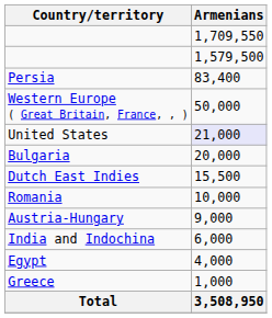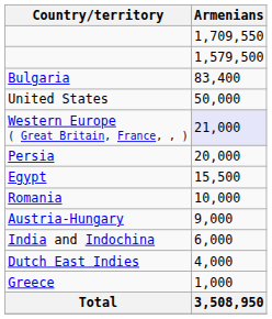 <table class="wikitable">
 <tr>
 <th>Country/territory</th>
 <th>Armenians</th>
 </tr>
 <tr>
 <td></td>
 <td>1,709,550</td>
 </tr>
 <tr>
 <td></td>
 <td>1,579,500</td>
 </tr>
 <tr>
-<td> <a href='#'>Persia</a></td>
+<td> <a href='#'>Bulgaria</a></td>
 <td>83,400</td>
 </tr>
 <tr>
-<td><a href='#'>Western Europe</a><br><small>( <a href='#'>Great Britain</a>,  <a href='#'>France</a>, , )</small></td>
+<td> United States</td>
 <td>50,000</td>
 </tr>
 <tr>
-<td> United States</td>
+<td><a href='#'>Western Europe</a><br><small>( <a href='#'>Great Britain</a>,  <a href='#'>France</a>, , )</small></td>
 <td style="background: lavender;">21,000</td>
 </tr>
 <tr>
-<td> <a href='#'>Bulgaria</a></td>
+<td> <a href='#'>Persia</a></td>
 <td>20,000</td>
 </tr>
 <tr>
-<td> <a href='#'>Dutch East Indies</a></td>
+<td> <a href='#'>Egypt</a></td>
 <td>15,500</td>
 </tr>
 <tr>
 <td> <a href='#'>Romania</a></td>
 <td>10,000</td>
 </tr>
 <tr>
 <td> <a href='#'>Austria-Hungary</a></td>
 <td>9,000</td>
 </tr>
 <tr>
 <td> <a href='#'>India</a> and <a href='#'>Indochina</a></td>
 <td>6,000</td>
 </tr>
 <tr>
-<td> <a href='#'>Egypt</a></td>
+<td> <a href='#'>Dutch East Indies</a></td>
 <td>4,000</td>
 </tr>
 <tr>
 <td> <a href='#'>Greece</a></td>
 <td>1,000</td>
 </tr>
 <tr>
 <th>Total</th>
 <th>3,508,950</th>
 </tr>
 <tr>
 </tr>
 </table>
